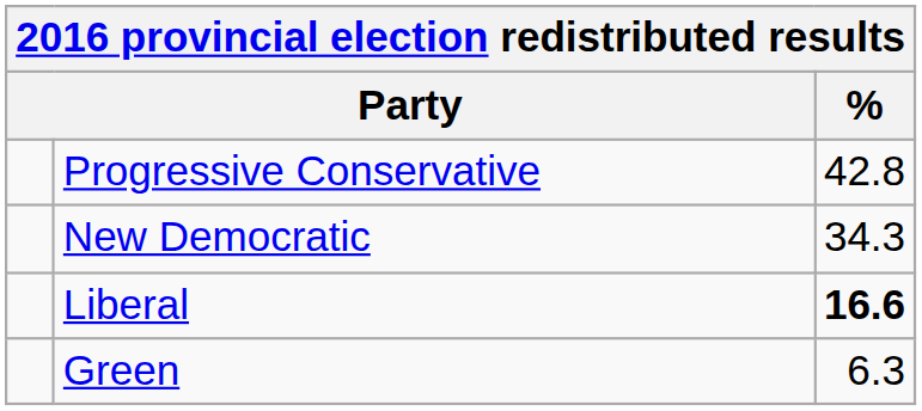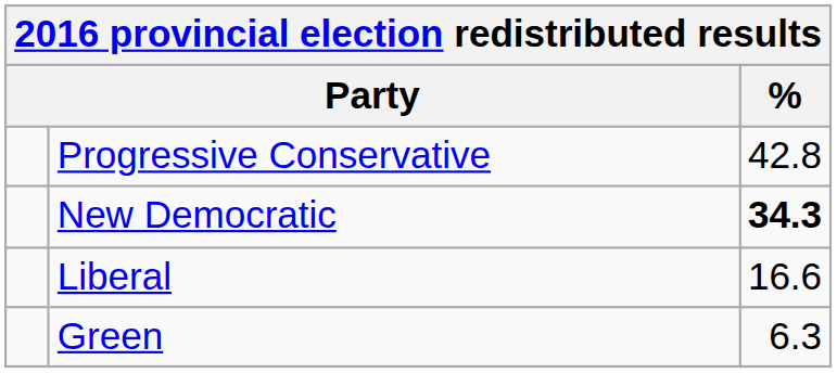 <table class="wikitable">
 <tr>
 <th colspan="4"><a href='#'>2016 provincial election</a> redistributed results</th>
 </tr>
 <tr>
 <th bgcolor="#DDDDFF" width="130px" colspan="2">Party</th>
 <th bgcolor="#DDDDFF" width="30px">%</th>
 </tr>
 <tr>
 <td> </td>
 <td><a href='#'>Progressive Conservative</a></td>
 <td align=right>42.8</td>
 </tr>
 <tr>
 <td> </td>
 <td><a href='#'>New Democratic</a></td>
-<td align=right>34.3</td>
+<td align=right><strong>34.3</strong></td>
 </tr>
 <tr>
 <td> </td>
 <td><a href='#'>Liberal</a></td>
-<td align=right><strong>16.6</strong></td>
+<td align=right>16.6</td>
 </tr>
 <tr>
 <td> </td>
 <td><a href='#'>Green</a></td>
 <td align=right>6.3</td>
 </tr>
 </table>
